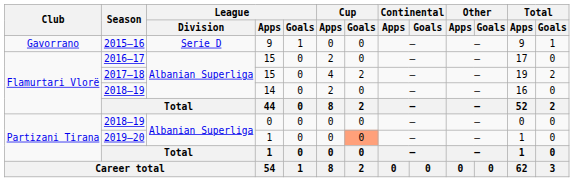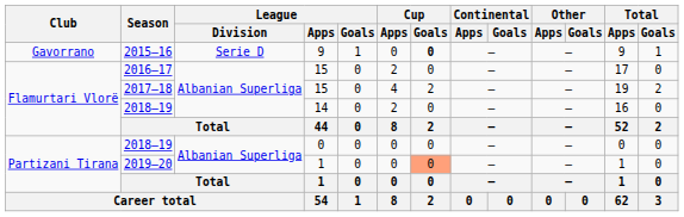 <table class="wikitable" style="text-align: center;">
 <tr>
 <th rowspan="2">Club</th>
 <th rowspan="2">Season</th>
 <th colspan="3">League</th>
 <th colspan="2">Cup</th>
 <th colspan="2">Continental</th>
 <th colspan="2">Other</th>
 <th colspan="2">Total</th>
 </tr>
 <tr>
 <th>Division</th>
 <th>Apps</th>
 <th>Goals</th>
 <th>Apps</th>
 <th>Goals</th>
 <th>Apps</th>
 <th>Goals</th>
 <th>Apps</th>
 <th>Goals</th>
 <th>Apps</th>
 <th>Goals</th>
 </tr>
 <tr>
 <td rowspan="1"><a href='#'>Gavorrano</a></td>
 <td><a href='#'>2015–16</a></td>
 <td rowspan="1"><a href='#'>Serie D</a></td>
 <td>9</td>
 <td>1</td>
 <td>0</td>
-<td>0</td>
+<td><strong>0</strong></td>
 <td colspan="2">—</td>
 <td colspan="2">—</td>
 <td>9</td>
 <td>1</td>
 </tr>
 <tr>
 <td rowspan="4"><a href='#'>Flamurtari Vlorë</a></td>
 <td><a href='#'>2016–17</a></td>
 <td rowspan="3"><a href='#'>Albanian Superliga</a></td>
 <td>15</td>
 <td>0</td>
 <td>2</td>
 <td>0</td>
 <td colspan="2">—</td>
 <td colspan="2">—</td>
 <td>17</td>
 <td>0</td>
 </tr>
 <tr>
 <td><a href='#'>2017–18</a></td>
 <td>15</td>
 <td>0</td>
 <td>4</td>
 <td>2</td>
 <td colspan="2">—</td>
 <td colspan="2">—</td>
 <td>19</td>
 <td>2</td>
 </tr>
 <tr>
 <td><a href='#'>2018–19</a></td>
 <td>14</td>
 <td>0</td>
 <td>2</td>
 <td>0</td>
 <td colspan="2">—</td>
 <td colspan="2">—</td>
 <td>16</td>
 <td>0</td>
 </tr>
 <tr>
 <th colspan="2">Total</th>
 <th>44</th>
 <th>0</th>
 <th>8</th>
 <th>2</th>
 <th colspan="2">—</th>
 <th colspan="2">—</th>
 <th>52</th>
 <th>2</th>
 </tr>
 <tr>
 <td rowspan="3"><a href='#'>Partizani Tirana</a></td>
 <td><a href='#'>2018–19</a></td>
 <td rowspan="2"><a href='#'>Albanian Superliga</a></td>
 <td>0</td>
 <td>0</td>
 <td>0</td>
 <td>0</td>
 <td colspan="2">—</td>
 <td colspan="2">—</td>
 <td>0</td>
 <td>0</td>
 </tr>
 <tr>
 <td><a href='#'>2019–20</a></td>
 <td>1</td>
 <td>0</td>
 <td>0</td>
 <td style="background: lightsalmon;">0</td>
 <td colspan="2">—</td>
 <td colspan="2">—</td>
 <td>1</td>
 <td>0</td>
 </tr>
 <tr>
 <th colspan="2">Total</th>
 <th>1</th>
 <th>0</th>
 <th>0</th>
 <th>0</th>
 <th colspan="2">—</th>
 <th colspan="2">—</th>
 <th>1</th>
 <th>0</th>
 </tr>
 <tr>
 <th colspan="3">Career total</th>
 <th>54</th>
 <th>1</th>
 <th>8</th>
 <th>2</th>
 <th>0</th>
 <th>0</th>
 <th>0</th>
 <th>0</th>
 <th>62</th>
 <th>3</th>
 </tr>
 </table>
